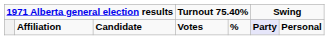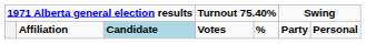 <table class="wikitable">
 <tr>
 <td colspan="3" align=center><strong><a href='#'>1971 Alberta general election</a> results</strong></td>
 <td colspan="2"><strong>Turnout 75.40%</strong></td>
 <td colspan="2" align=center><strong>Swing</strong></td>
 </tr>
 <tr>
 <th style="width: 10px;"></th>
 <td><strong>Affiliation</strong></td>
-<td><strong>Candidate</strong></td>
+<td style="background: lightblue;"><strong>Candidate</strong></td>
 <td><strong>Votes</strong></td>
 <td><strong>%</strong></td>
-<td style="background: lavender;"><strong>Party</strong></td>
+<td><strong>Party</strong></td>
 <td><strong>Personal</strong><br>      </td>
 </tr>
 </table>
